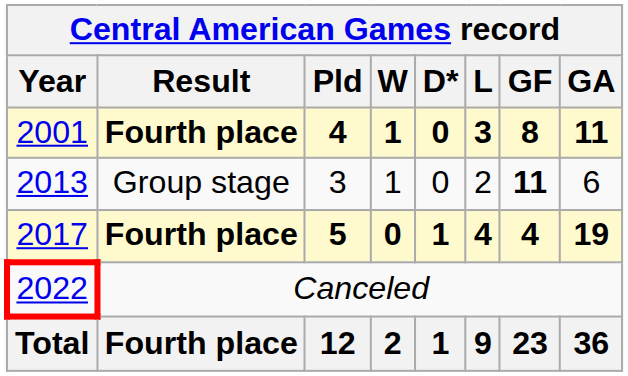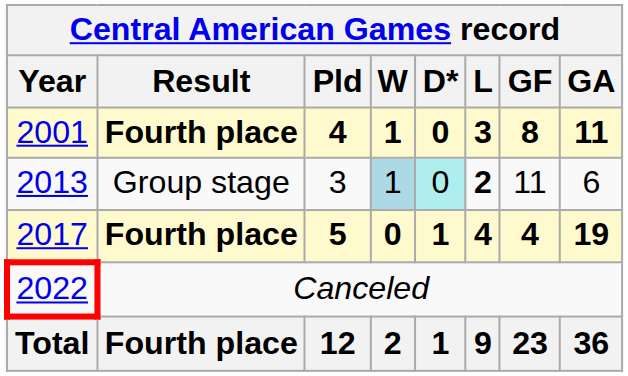 <table class="wikitable" style="text-align: center;">
 <tr>
 <th colspan=8><a href='#'>Central American Games</a> record</th>
 </tr>
 <tr>
 <th>Year</th>
 <th>Result</th>
 <th>Pld</th>
 <th>W</th>
 <th>D*</th>
 <th>L</th>
 <th>GF</th>
 <th>GA</th>
 </tr>
 <tr bgcolor=LemonChiffon>
 <td> <a href='#'>2001</a></td>
 <td><strong>Fourth place</strong></td>
 <td><strong>4</strong></td>
 <td><strong>1</strong></td>
 <td><strong>0</strong></td>
 <td><strong>3</strong></td>
 <td><strong>8</strong></td>
 <td><strong>11</strong></td>
 </tr>
 <tr>
 <td> <a href='#'>2013</a></td>
 <td>Group stage</td>
 <td>3</td>
-<td>1</td>
-<td>0</td>
-<td>2</td>
-<td><strong>11</strong></td>
+<td style="background: lightblue;">1</td>
+<td style="background: paleturquoise;">0</td>
+<td><strong>2</strong></td>
+<td>11</td>
 <td>6</td>
 </tr>
 <tr bgcolor=LemonChiffon>
 <td> <a href='#'>2017</a></td>
 <td><strong>Fourth place</strong></td>
 <td><strong>5</strong></td>
 <td><strong>0</strong></td>
 <td><strong>1</strong></td>
 <td><strong>4</strong></td>
 <td><strong>4</strong></td>
 <td><strong>19</strong></td>
 </tr>
 <tr>
 <td style="border:3px solid red"> <a href='#'>2022</a></td>
 <td colspan=8><em>Canceled</em></td>
 </tr>
 <tr>
 <th>Total</th>
 <th>Fourth place</th>
 <th>12</th>
 <th>2</th>
 <th>1</th>
 <th>9</th>
 <th>23</th>
 <th>36</th>
 </tr>
 </table>
